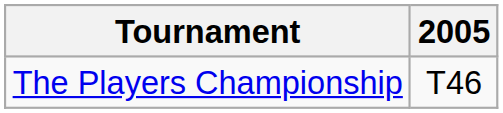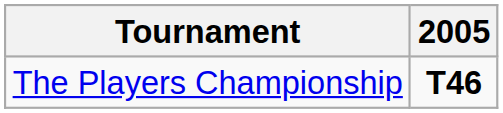 <table class="wikitable" style="font-size:95%;text-align:center;">
 <tr>
 <th>Tournament</th>
 <th>2005</th>
 </tr>
 <tr>
 <td align=left><a href='#'>The Players Championship</a></td>
-<td>T46</td>
+<td><strong>T46</strong></td>
 </tr>
 </table>
